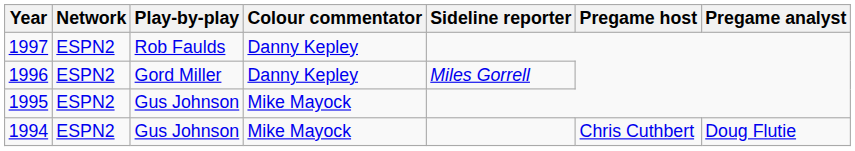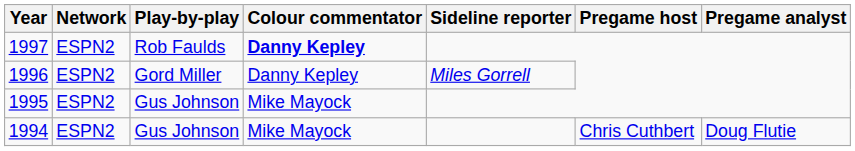 <table class="wikitable">
 <tr>
 <th><strong>Year</strong></th>
 <th><strong>Network</strong></th>
 <th><strong>Play-by-play</strong></th>
 <th><strong>Colour commentator</strong></th>
 <th><strong>Sideline reporter</strong></th>
 <th><strong>Pregame host</strong></th>
 <th><strong>Pregame analyst</strong></th>
 </tr>
 <tr>
 <td><a href='#'>1997</a></td>
 <td><a href='#'>ESPN2</a></td>
 <td><a href='#'>Rob Faulds</a></td>
-<td><a href='#'>Danny Kepley</a></td>
+<td><strong><a href='#'>Danny Kepley</a></strong></td>
 </tr>
 <tr>
 <td><a href='#'>1996</a></td>
 <td><a href='#'>ESPN2</a></td>
 <td><a href='#'>Gord Miller</a></td>
 <td><a href='#'>Danny Kepley</a></td>
 <td><em><a href='#'>Miles Gorrell</a></em></td>
 </tr>
 <tr>
 <td><a href='#'>1995</a></td>
 <td><a href='#'>ESPN2</a></td>
 <td><a href='#'>Gus Johnson</a></td>
 <td><a href='#'>Mike Mayock</a></td>
 </tr>
 <tr>
 <td><a href='#'>1994</a></td>
 <td><a href='#'>ESPN2</a></td>
 <td><a href='#'>Gus Johnson</a></td>
 <td><a href='#'>Mike Mayock</a></td>
 <td></td>
 <td><a href='#'>Chris Cuthbert</a></td>
 <td><a href='#'>Doug Flutie</a></td>
 </tr>
 </table>
